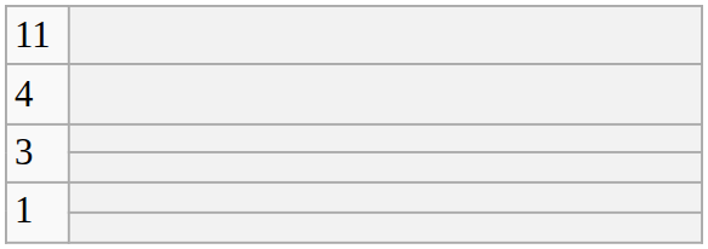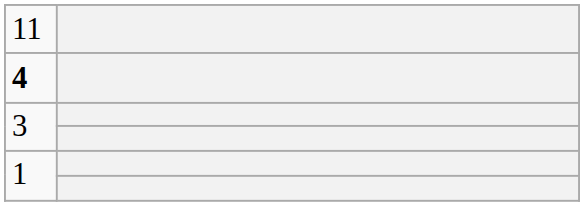 <table class="wikitable plainrowheaders" width="300px">
 <tr>
 <td width="20">11</td>
 <th scope=row></th>
 </tr>
 <tr>
-<td rowspan=1>4</td>
+<td rowspan=1><strong>4</strong></td>
 <th scope=row></th>
 </tr>
 <tr>
 <td rowspan=2>3</td>
 <th scope=row></th>
 </tr>
 <tr>
 <th scope=row></th>
 </tr>
 <tr>
 <td rowspan=2>1</td>
 <th scope=row></th>
 </tr>
 <tr>
 <th scope=row></th>
 </tr>
 </table>
